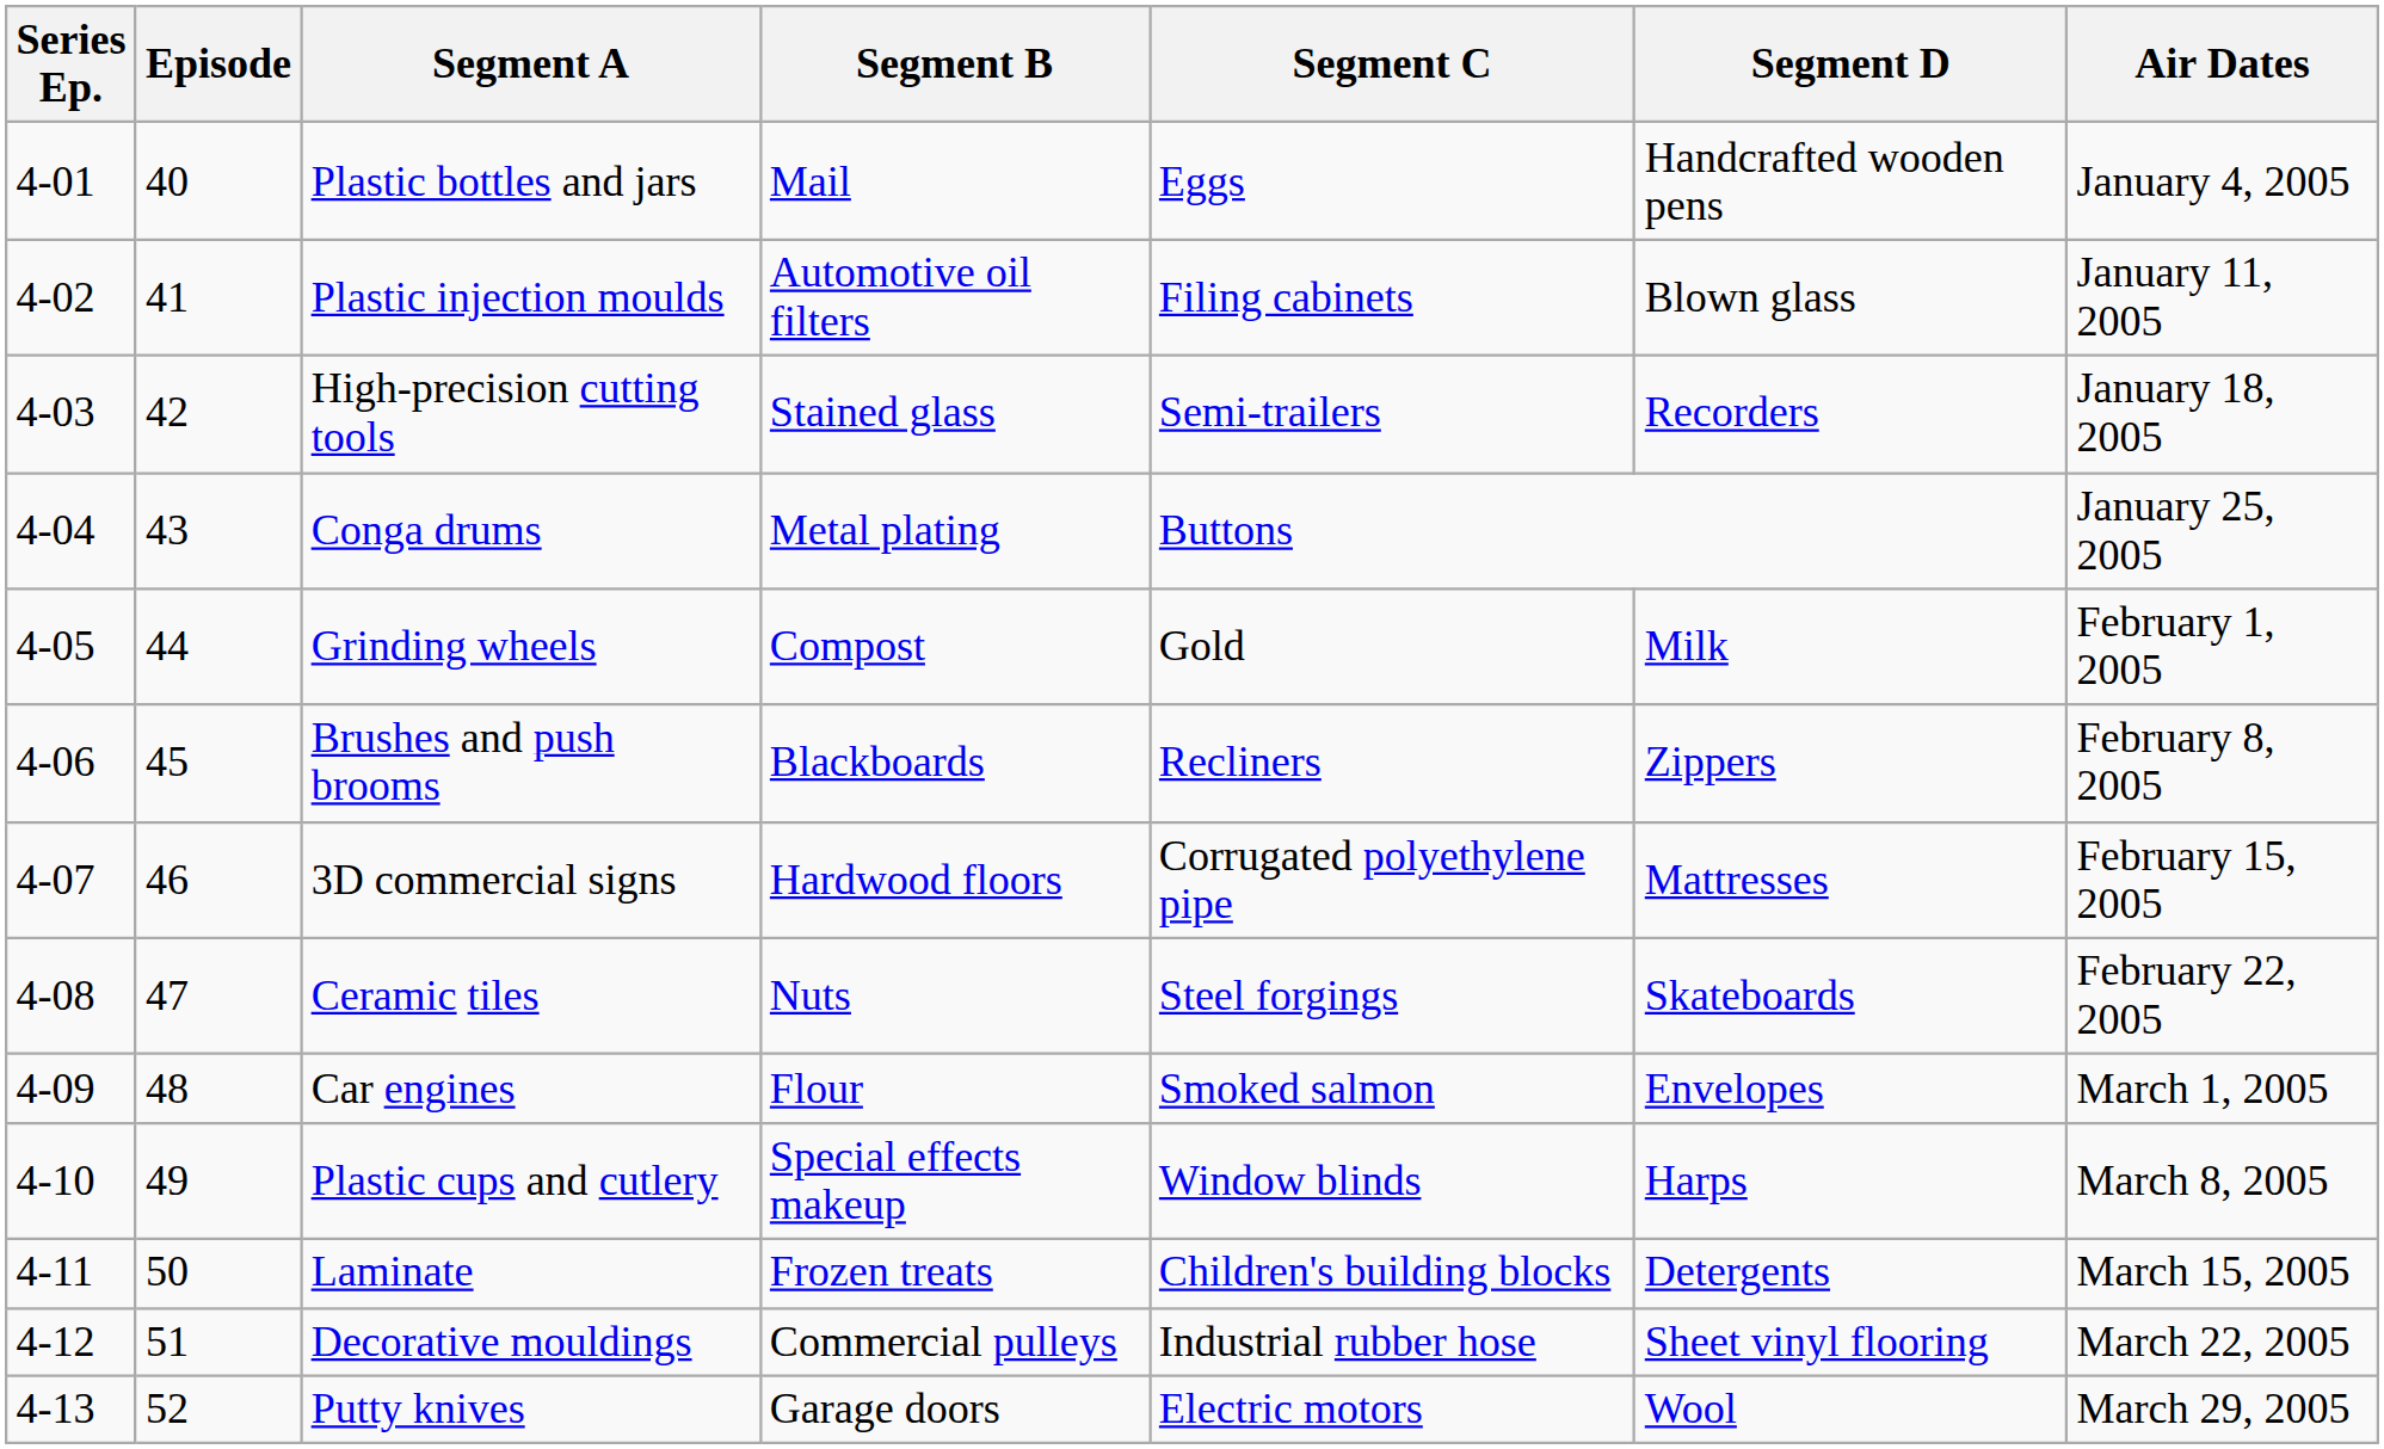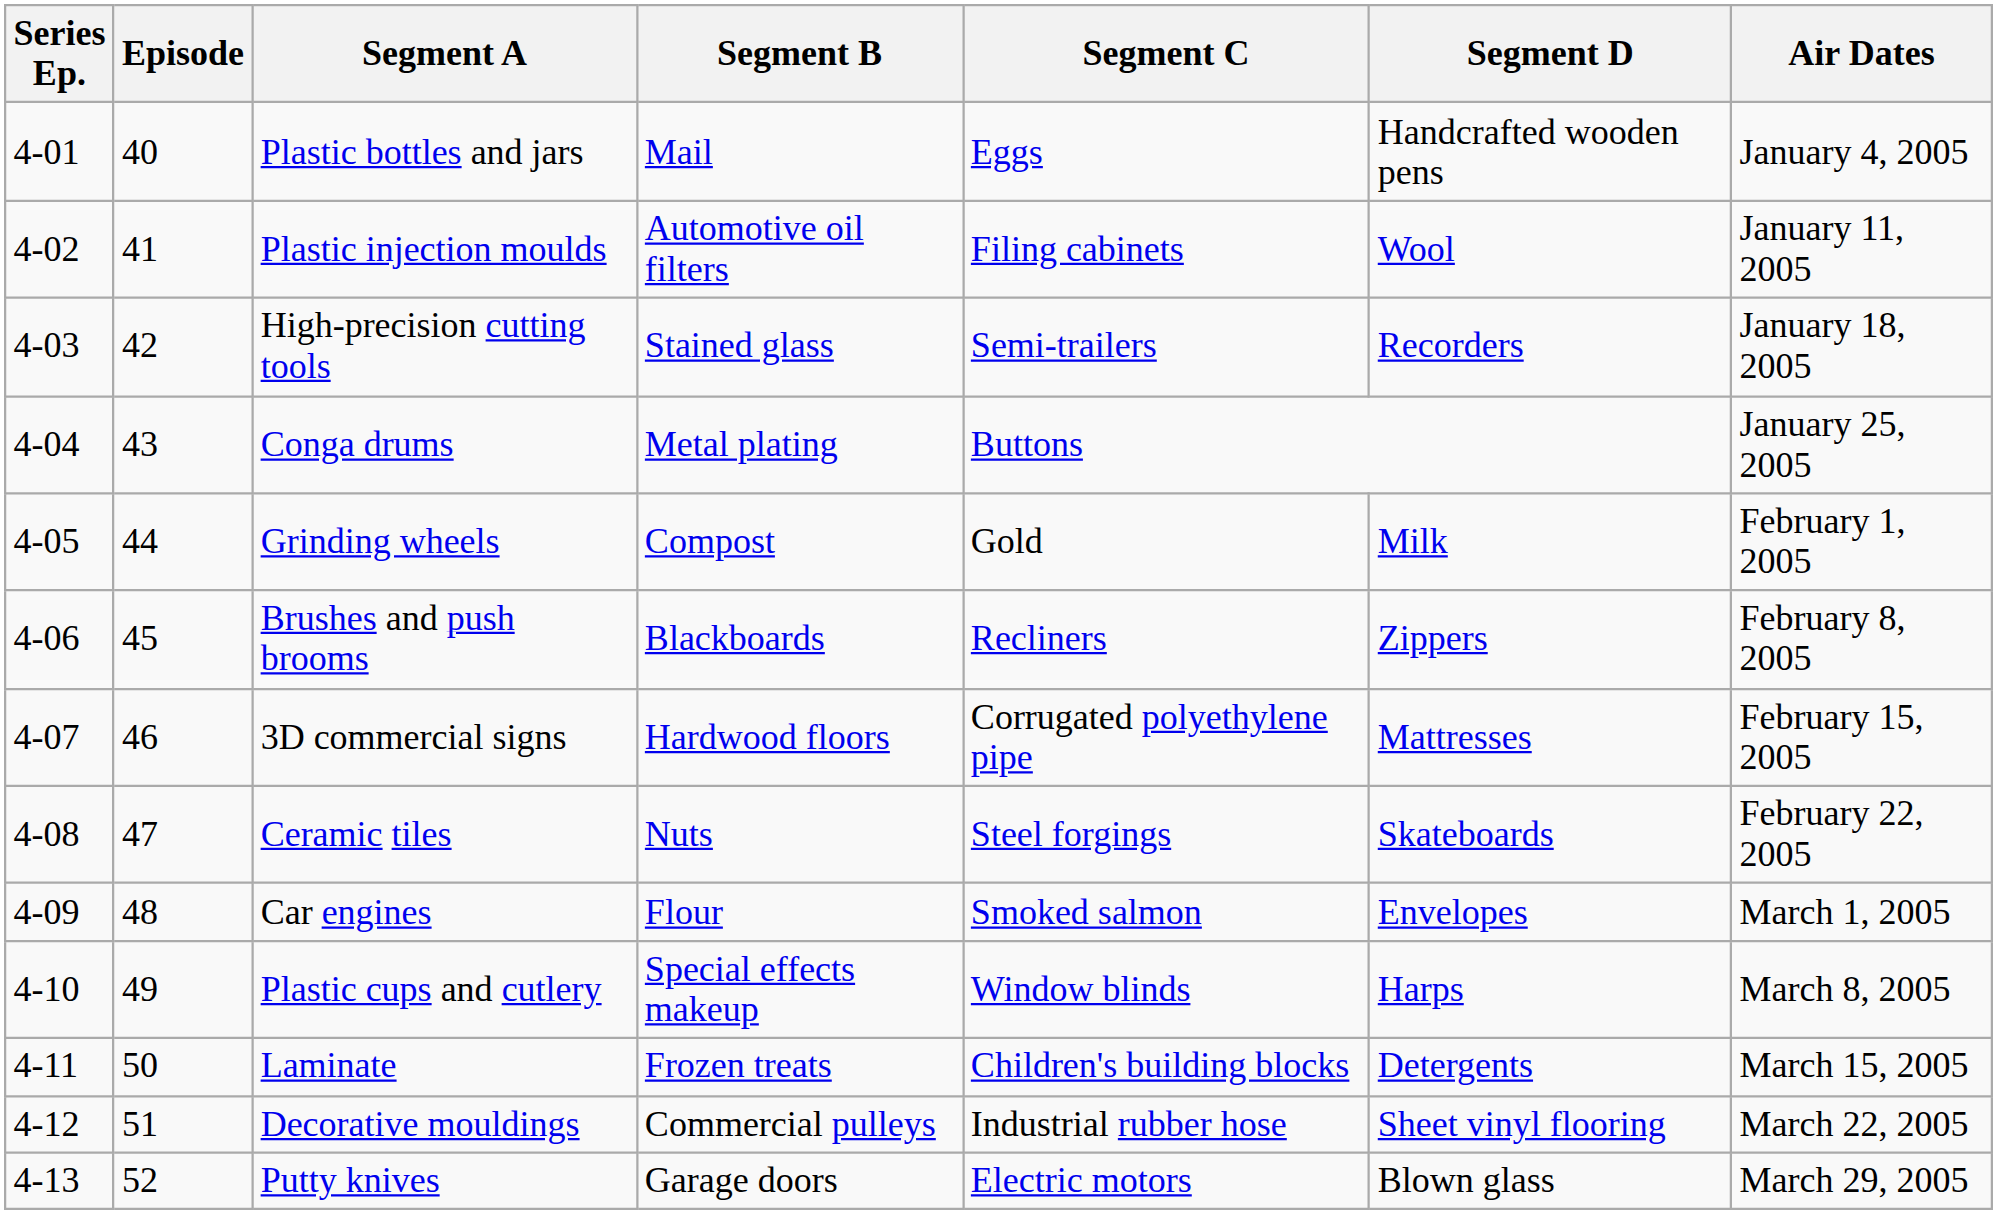 <table class="wikitable" style="width:100%;">
 <tr>
 <th style="width:5%;">Series Ep.</th>
 <th style="width:5%;">Episode</th>
 <th>Segment A</th>
 <th>Segment B</th>
 <th>Segment C</th>
 <th>Segment D</th>
 <th>Air Dates</th>
 </tr>
 <tr>
 <td>4-01</td>
 <td>40</td>
 <td><a href='#'>Plastic bottles</a> and jars</td>
 <td><a href='#'>Mail</a></td>
 <td><a href='#'>Eggs</a></td>
 <td>Handcrafted wooden pens</td>
 <td>January 4, 2005</td>
 </tr>
 <tr>
 <td>4-02</td>
 <td>41</td>
 <td><a href='#'>Plastic injection moulds</a></td>
 <td><a href='#'>Automotive oil filters</a></td>
 <td><a href='#'>Filing cabinets</a></td>
-<td>Blown glass</td>
+<td><a href='#'>Wool</a></td>
 <td>January 11, 2005</td>
 </tr>
 <tr>
 <td>4-03</td>
 <td>42</td>
 <td>High-precision <a href='#'>cutting tools</a></td>
 <td><a href='#'>Stained glass</a></td>
 <td><a href='#'>Semi-trailers</a></td>
 <td><a href='#'>Recorders</a></td>
 <td>January 18, 2005</td>
 </tr>
 <tr>
 <td>4-04</td>
 <td>43</td>
 <td><a href='#'>Conga drums</a></td>
 <td><a href='#'>Metal plating</a></td>
 <td colspan="2"><a href='#'>Buttons</a></td>
 <td>January 25, 2005</td>
 </tr>
 <tr>
 <td>4-05</td>
 <td>44</td>
 <td><a href='#'>Grinding wheels</a></td>
 <td><a href='#'>Compost</a></td>
 <td>Gold</td>
 <td><a href='#'>Milk</a></td>
 <td>February 1, 2005</td>
 </tr>
 <tr>
 <td>4-06</td>
 <td>45</td>
 <td><a href='#'>Brushes</a> and <a href='#'>push brooms</a></td>
 <td><a href='#'>Blackboards</a></td>
 <td><a href='#'>Recliners</a></td>
 <td><a href='#'>Zippers</a></td>
 <td>February 8, 2005</td>
 </tr>
 <tr>
 <td>4-07</td>
 <td>46</td>
 <td>3D commercial signs</td>
 <td><a href='#'>Hardwood floors</a></td>
 <td>Corrugated <a href='#'>polyethylene pipe</a></td>
 <td><a href='#'>Mattresses</a></td>
 <td>February 15, 2005</td>
 </tr>
 <tr>
 <td>4-08</td>
 <td>47</td>
 <td><a href='#'>Ceramic</a> <a href='#'>tiles</a></td>
 <td><a href='#'>Nuts</a></td>
 <td><a href='#'>Steel forgings</a></td>
 <td><a href='#'>Skateboards</a></td>
 <td>February 22, 2005</td>
 </tr>
 <tr>
 <td>4-09</td>
 <td>48</td>
 <td>Car <a href='#'>engines</a></td>
 <td><a href='#'>Flour</a></td>
 <td><a href='#'>Smoked salmon</a></td>
 <td><a href='#'>Envelopes</a></td>
 <td>March 1, 2005</td>
 </tr>
 <tr>
 <td>4-10</td>
 <td>49</td>
 <td><a href='#'>Plastic cups</a> and <a href='#'>cutlery</a></td>
 <td><a href='#'>Special effects makeup</a></td>
 <td><a href='#'>Window blinds</a></td>
 <td><a href='#'>Harps</a></td>
 <td>March 8, 2005</td>
 </tr>
 <tr>
 <td>4-11</td>
 <td>50</td>
 <td><a href='#'>Laminate</a></td>
 <td><a href='#'>Frozen treats</a></td>
 <td><a href='#'>Children's building blocks</a></td>
 <td><a href='#'>Detergents</a></td>
 <td>March 15, 2005</td>
 </tr>
 <tr>
 <td>4-12</td>
 <td>51</td>
 <td><a href='#'>Decorative mouldings</a></td>
 <td>Commercial <a href='#'>pulleys</a></td>
 <td>Industrial <a href='#'>rubber hose</a></td>
 <td><a href='#'>Sheet vinyl flooring</a></td>
 <td>March 22, 2005</td>
 </tr>
 <tr>
 <td>4-13</td>
 <td>52</td>
 <td><a href='#'>Putty knives</a></td>
 <td>Garage doors</td>
 <td><a href='#'>Electric motors</a></td>
-<td><a href='#'>Wool</a></td>
+<td>Blown glass</td>
 <td>March 29, 2005</td>
 </tr>
 </table>
